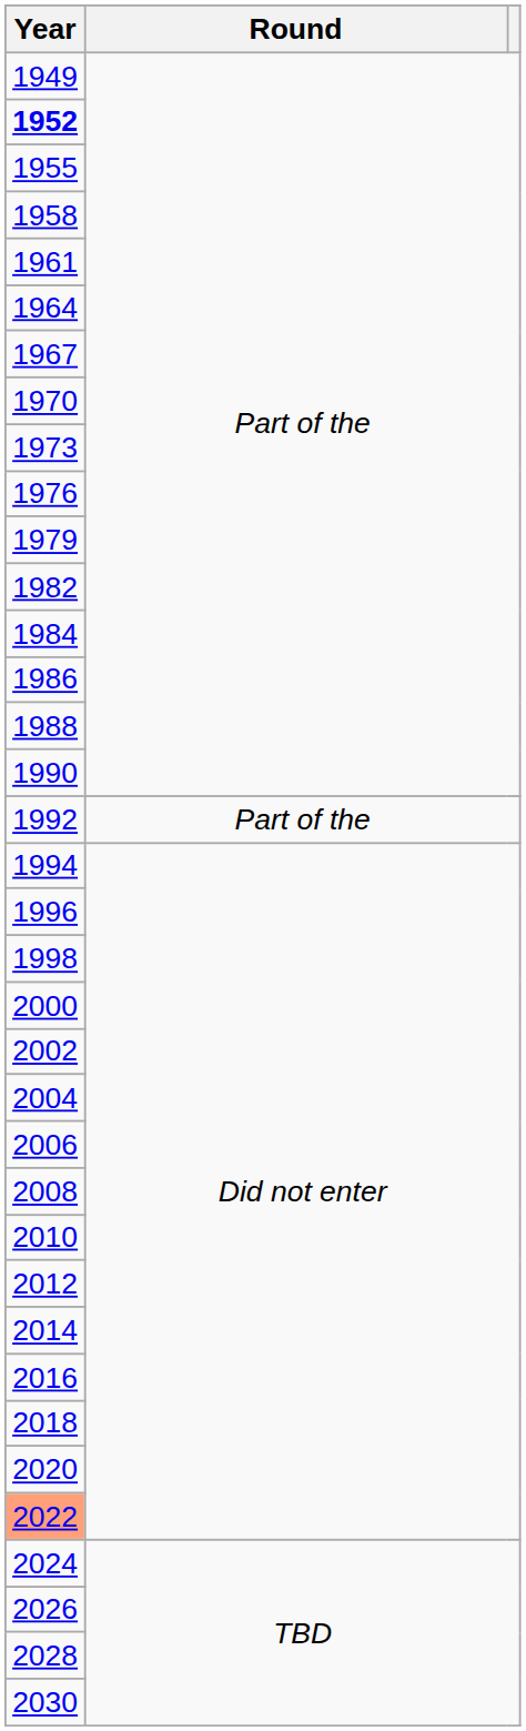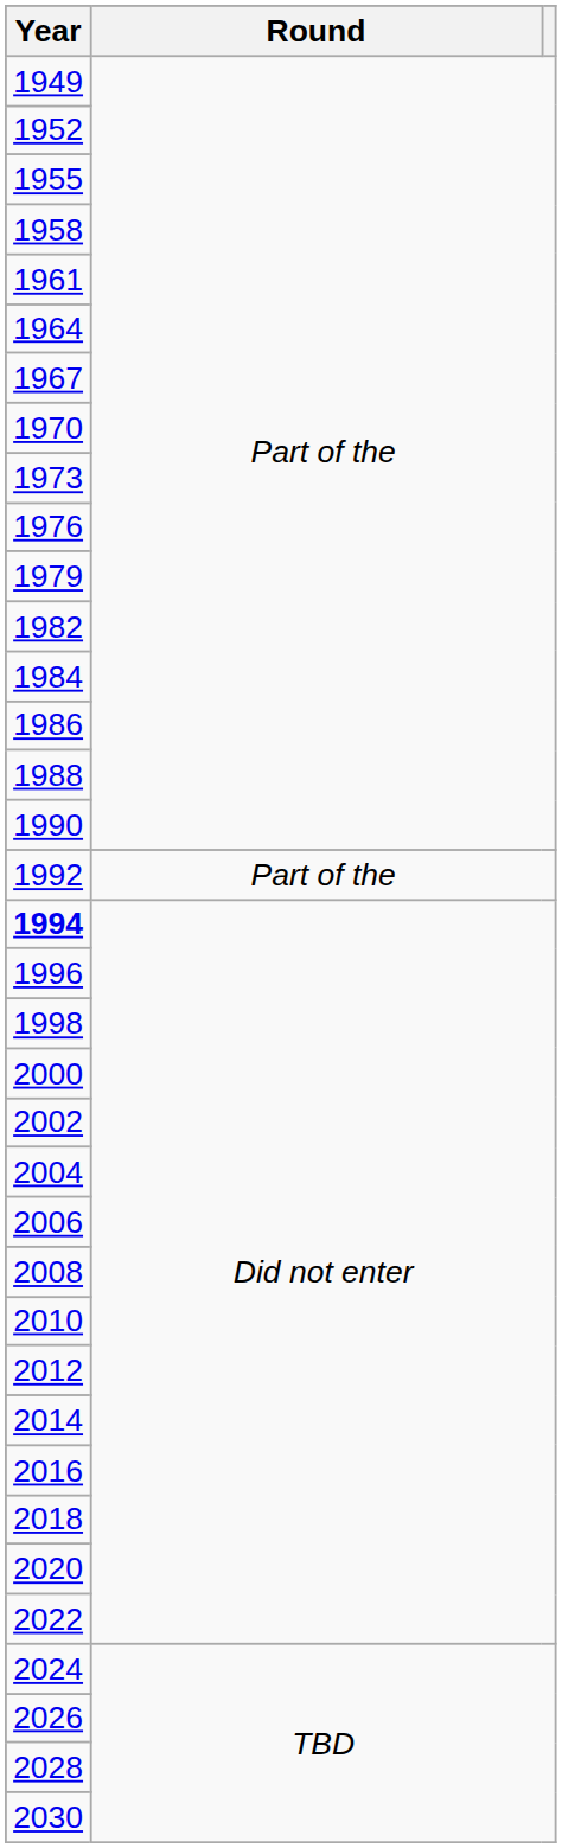 <table class="wikitable" style="text-align: center; font-size:90%">
 <tr>
 <th>Year</th>
 <th style="width:200px">Round</th>
 <th></th>
 </tr>
 <tr>
 <td><a href='#'>1949</a></td>
 <td colspan="2" rowspan="16"><em>Part of the </em></td>
 </tr>
 <tr>
-<td><strong><a href='#'>1952</a></strong></td>
+<td><a href='#'>1952</a></td>
 </tr>
 <tr>
 <td><a href='#'>1955</a></td>
 </tr>
 <tr>
 <td><a href='#'>1958</a></td>
 </tr>
 <tr>
 <td><a href='#'>1961</a></td>
 </tr>
 <tr>
 <td><a href='#'>1964</a></td>
 </tr>
 <tr>
 <td><a href='#'>1967</a></td>
 </tr>
 <tr>
 <td><a href='#'>1970</a></td>
 </tr>
 <tr>
 <td><a href='#'>1973</a></td>
 </tr>
 <tr>
 <td><a href='#'>1976</a></td>
 </tr>
 <tr>
 <td><a href='#'>1979</a></td>
 </tr>
 <tr>
 <td><a href='#'>1982</a></td>
 </tr>
 <tr>
 <td><a href='#'>1984</a></td>
 </tr>
 <tr>
 <td><a href='#'>1986</a></td>
 </tr>
 <tr>
 <td><a href='#'>1988</a></td>
 </tr>
 <tr>
 <td><a href='#'>1990</a></td>
 </tr>
 <tr>
 <td><a href='#'>1992</a></td>
 <td colspan="2"><em>Part of the </em></td>
 </tr>
 <tr>
-<td><a href='#'>1994</a></td>
+<td><strong><a href='#'>1994</a></strong></td>
 <td colspan="2" rowspan="15"><em>Did not enter</em></td>
 </tr>
 <tr>
 <td><a href='#'>1996</a></td>
 </tr>
 <tr>
 <td><a href='#'>1998</a></td>
 </tr>
 <tr>
 <td><a href='#'>2000</a></td>
 </tr>
 <tr>
 <td><a href='#'>2002</a></td>
 </tr>
 <tr>
 <td><a href='#'>2004</a></td>
 </tr>
 <tr>
 <td><a href='#'>2006</a></td>
 </tr>
 <tr>
 <td><a href='#'>2008</a></td>
 </tr>
 <tr>
 <td><a href='#'>2010</a></td>
 </tr>
 <tr>
 <td><a href='#'>2012</a></td>
 </tr>
 <tr>
 <td><a href='#'>2014</a></td>
 </tr>
 <tr>
 <td><a href='#'>2016</a></td>
 </tr>
 <tr>
 <td><a href='#'>2018</a></td>
 </tr>
 <tr>
 <td><a href='#'>2020</a></td>
 </tr>
 <tr>
-<td style="background: lightsalmon;"><a href='#'>2022</a></td>
+<td><a href='#'>2022</a></td>
 </tr>
 <tr>
 <td><a href='#'>2024</a></td>
 <td colspan="2" rowspan="4"><em>TBD</em></td>
 </tr>
 <tr>
 <td><a href='#'>2026</a></td>
 </tr>
 <tr>
 <td><a href='#'>2028</a></td>
 </tr>
 <tr>
 <td><a href='#'>2030</a></td>
 </tr>
 </table>
